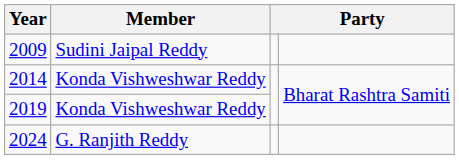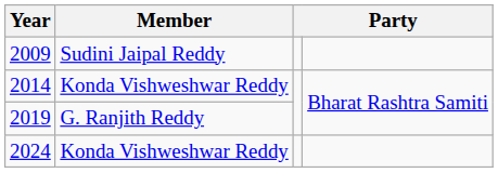 <table class="wikitable">
 <tr>
 <th>Year</th>
 <th>Member</th>
 <th colspan="2">Party</th>
 </tr>
 <tr>
 <td><a href='#'>2009</a></td>
 <td><a href='#'>Sudini Jaipal Reddy</a></td>
 <td></td>
 </tr>
 <tr>
 <td><a href='#'>2014</a></td>
 <td><a href='#'>Konda Vishweshwar Reddy</a></td>
 <td rowspan="2" style="background-color: "></td>
 <td rowspan="2"><a href='#'>Bharat Rashtra Samiti</a></td>
 </tr>
 <tr>
 <td><a href='#'>2019</a></td>
-<td><a href='#'>Konda Vishweshwar Reddy</a></td>
+<td><a href='#'>G. Ranjith Reddy</a></td>
 </tr>
 <tr>
 <td><a href='#'>2024</a></td>
-<td><a href='#'>G. Ranjith Reddy</a></td>
+<td><a href='#'>Konda Vishweshwar Reddy</a></td>
 <td></td>
 </tr>
 </table>
